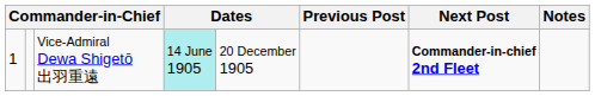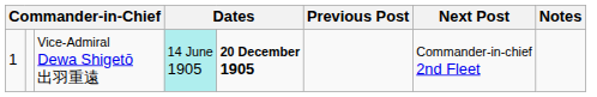 <table class=wikitable>
 <tr>
 <th colspan="3">Commander-in-Chief</th>
 <th colspan="2">Dates</th>
 <th>Previous Post</th>
 <th>Next Post</th>
 <th>Notes</th>
 </tr>
 <tr>
 <td>1</td>
 <td></td>
 <td><small>Vice-Admiral</small><br><a href='#'>Dewa Shigetō</a><br>出羽重遠</td>
 <td style="background: paleturquoise;"><small>14 June</small><br>1905</td>
-<td><small>20 December</small><br>1905</td>
+<td><strong><small>20 December</small><br>1905</strong></td>
 <td></td>
-<td><strong><small>Commander-in-chief</small><br><a href='#'>2nd Fleet</a></strong></td>
+<td><small>Commander-in-chief</small><br><a href='#'>2nd Fleet</a></td>
 <td></td>
 </tr>
 </table>
